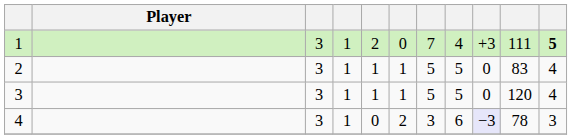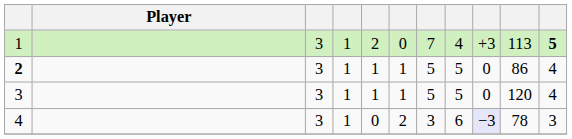 <table class="wikitable" style="text-align:center;">
 <tr>
 <th width=20></th>
 <th width=260>Player</th>
 <th width=20></th>
 <th width=20></th>
 <th width=20></th>
 <th width=20></th>
 <th width=20></th>
 <th width=20></th>
 <th width=20></th>
 <th width=30></th>
 <th width=20></th>
 </tr>
 <tr style="background:#D0F0C0;">
 <td>1</td>
 <td align=left> <small></small></td>
 <td>3</td>
 <td>1</td>
 <td>2</td>
 <td>0</td>
 <td>7</td>
 <td>4</td>
 <td>+3</td>
-<td>111</td>
+<td>113</td>
 <td><strong>5</strong></td>
 </tr>
 <tr>
-<td>2</td>
+<td><strong>2</strong></td>
 <td align=left> <small></small></td>
 <td>3</td>
 <td>1</td>
 <td>1</td>
 <td>1</td>
 <td>5</td>
 <td>5</td>
 <td>0</td>
-<td>83</td>
+<td>86</td>
 <td>4</td>
 </tr>
 <tr>
 <td>3</td>
 <td align=left> <small></small></td>
 <td>3</td>
 <td>1</td>
 <td>1</td>
 <td>1</td>
 <td>5</td>
 <td>5</td>
 <td>0</td>
 <td>120</td>
 <td>4</td>
 </tr>
 <tr>
 <td>4</td>
 <td align=left> <small></small></td>
 <td>3</td>
 <td>1</td>
 <td>0</td>
 <td>2</td>
 <td>3</td>
 <td>6</td>
 <td style="background: lavender;">−3</td>
 <td>78</td>
 <td>3</td>
 </tr>
 <tr>
 </tr>
 </table>
